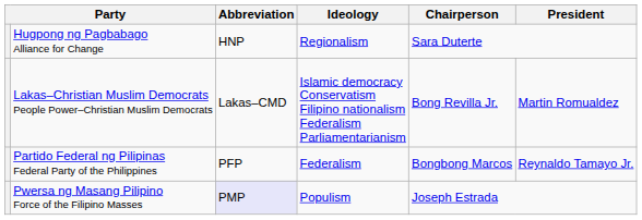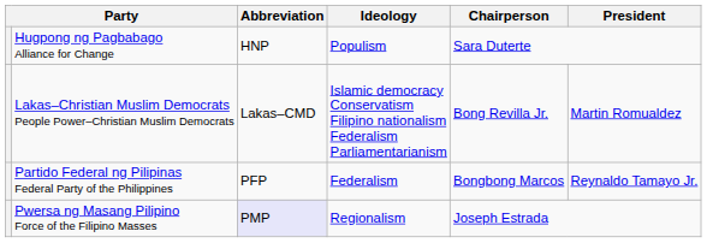 <table class="wikitable">
 <tr>
 <th colspan="2">Party</th>
 <th>Abbreviation</th>
 <th>Ideology</th>
 <th>Chairperson</th>
 <th>President</th>
 </tr>
 <tr>
 <th style="background:"></th>
 <td><a href='#'>Hugpong ng Pagbabago</a><br><small>Alliance for Change</small></td>
 <td>HNP</td>
-<td><a href='#'>Regionalism</a></td>
+<td><a href='#'>Populism</a></td>
 <td colspan="2"><a href='#'>Sara Duterte</a></td>
 </tr>
 <tr>
 <th style="background:"></th>
 <td><a href='#'>Lakas–Christian Muslim Democrats</a><br><small>People Power–Christian Muslim Democrats</small></td>
 <td>Lakas–CMD</td>
 <td><br><a href='#'>Islamic democracy</a><br><a href='#'>Conservatism</a><br><a href='#'>Filipino nationalism</a><br><a href='#'>Federalism</a><br><a href='#'>Parliamentarianism</a></td>
 <td><a href='#'>Bong Revilla Jr.</a></td>
 <td><a href='#'>Martin Romualdez</a></td>
 </tr>
 <tr>
 <th style="background:"></th>
 <td><a href='#'>Partido Federal ng Pilipinas</a><br><small>Federal Party of the Philippines</small></td>
 <td>PFP</td>
 <td><a href='#'>Federalism</a></td>
 <td><a href='#'>Bongbong Marcos</a></td>
 <td><a href='#'>Reynaldo Tamayo Jr.</a></td>
 </tr>
 <tr>
 <th style="background:"></th>
 <td><a href='#'>Pwersa ng Masang Pilipino</a><br><small>Force of the Filipino Masses</small></td>
 <td style="background: lavender;">PMP</td>
-<td><a href='#'>Populism</a></td>
+<td><a href='#'>Regionalism</a></td>
 <td colspan="2"><a href='#'>Joseph Estrada</a></td>
 </tr>
 </table>
